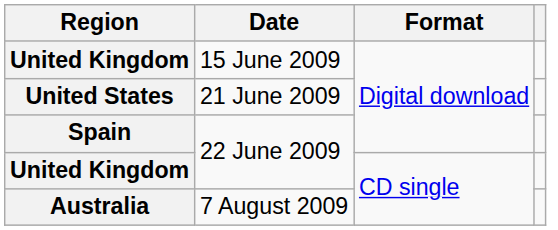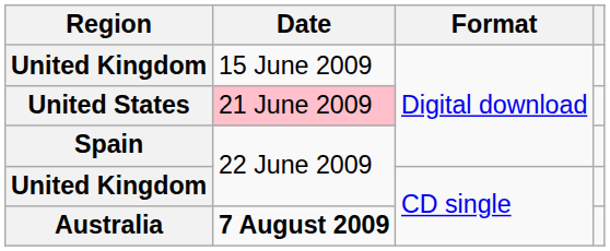 <table class="wikitable plainrowheaders">
 <tr>
 <th scope="col">Region</th>
 <th scope="col">Date</th>
 <th scope="col">Format</th>
 <th scope="col"></th>
 </tr>
 <tr>
 <th scope="row">United Kingdom</th>
 <td>15 June 2009</td>
 <td rowspan="3"><a href='#'>Digital download</a></td>
 <td align="center"></td>
 </tr>
 <tr>
 <th scope="row">United States</th>
-<td>21 June 2009</td>
+<td style="background: pink;">21 June 2009</td>
 <td align="center"></td>
 </tr>
 <tr>
 <th scope="row">Spain</th>
 <td rowspan="2">22 June 2009</td>
 <td align="center"></td>
 </tr>
 <tr>
 <th scope="row">United Kingdom</th>
 <td rowspan="2"><a href='#'>CD single</a></td>
 <td align="center"></td>
 </tr>
 <tr>
 <th scope="row">Australia</th>
-<td>7 August 2009</td>
+<td><strong>7 August 2009</strong></td>
 <td align="center"></td>
 </tr>
 </table>
